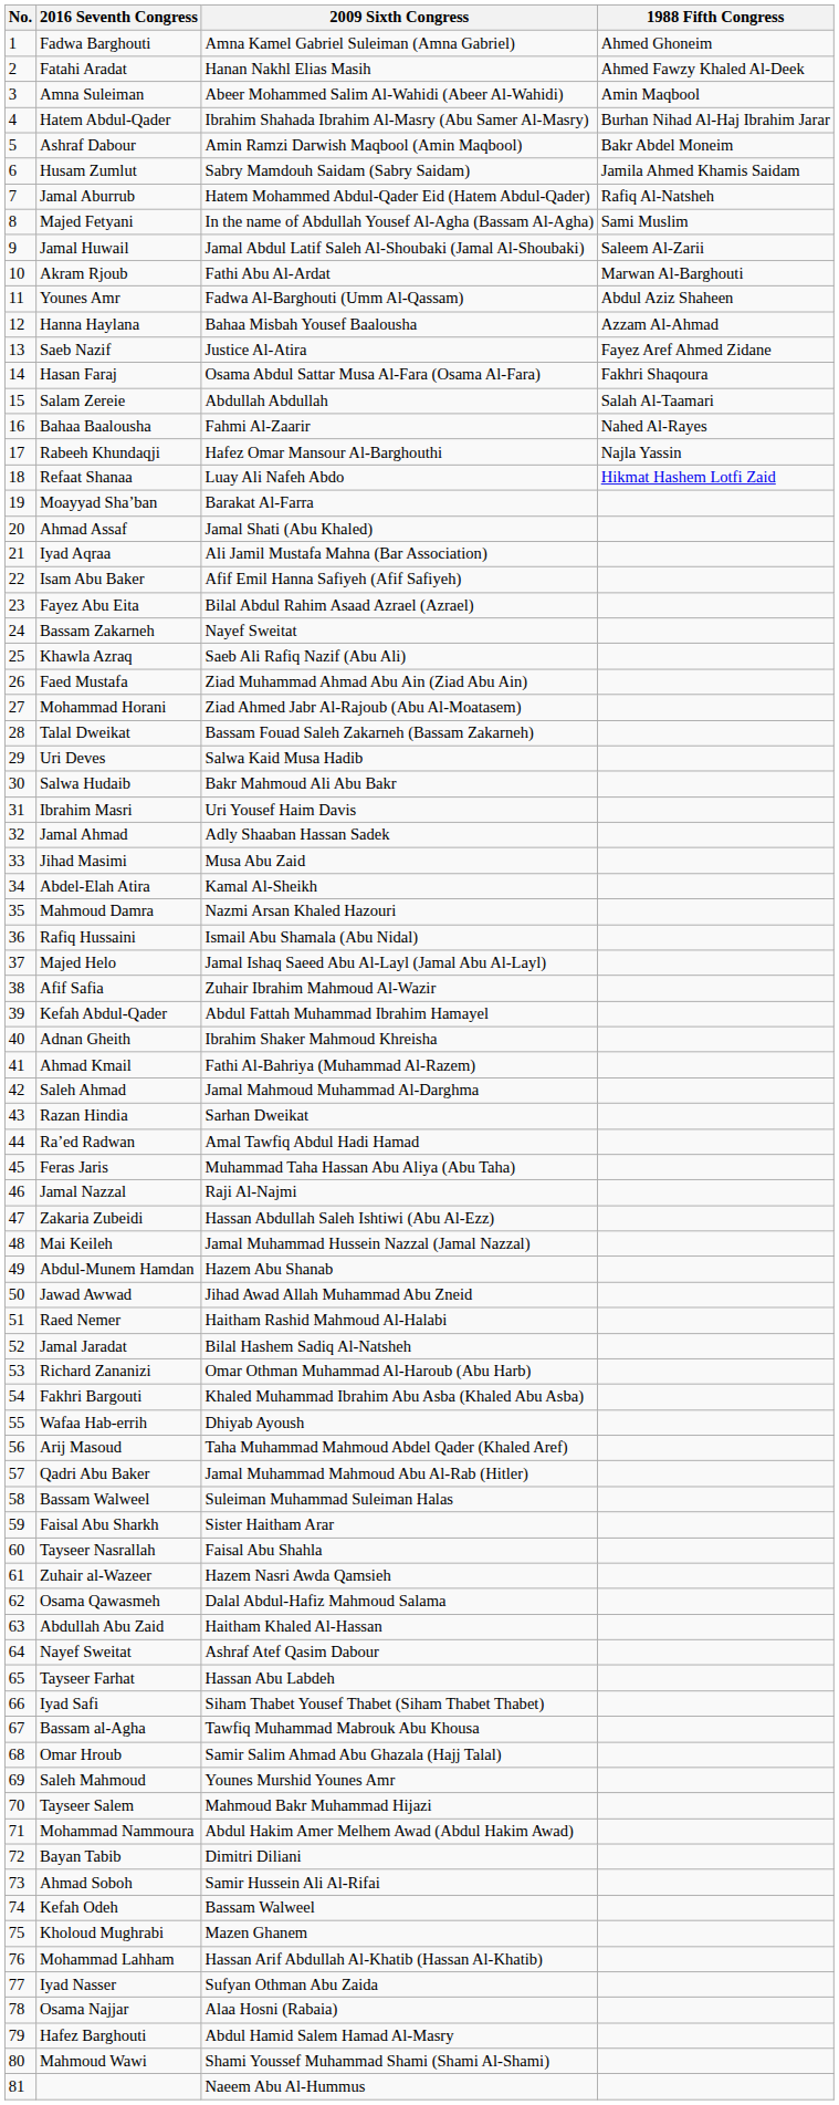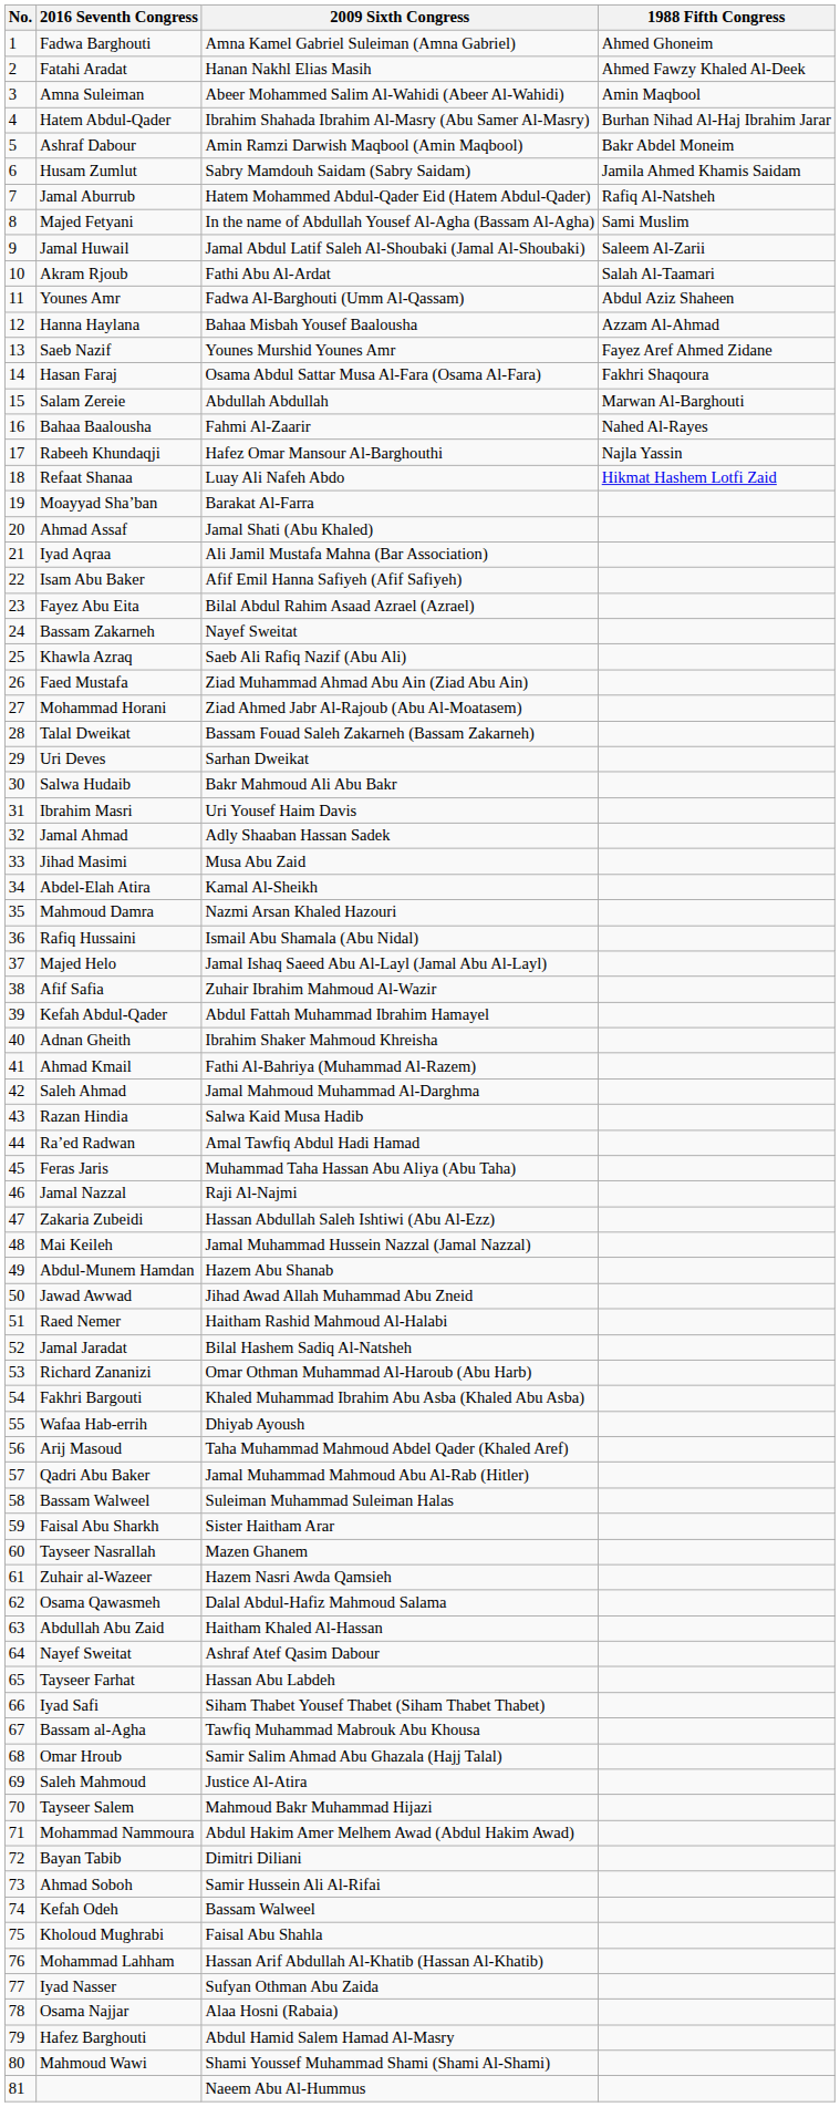 <table class="wikitable sortable">
 <tr>
 <th>No.</th>
 <th>2016 Seventh Congress</th>
 <th>2009 Sixth Congress</th>
 <th>1988 Fifth Congress</th>
 </tr>
 <tr>
 <td>1</td>
 <td>Fadwa Barghouti</td>
 <td>Amna Kamel Gabriel Suleiman (Amna Gabriel)</td>
 <td>Ahmed Ghoneim</td>
 </tr>
 <tr>
 <td>2</td>
 <td>Fatahi Aradat</td>
 <td>Hanan Nakhl Elias Masih</td>
 <td>Ahmed Fawzy Khaled Al-Deek</td>
 </tr>
 <tr>
 <td>3</td>
 <td>Amna Suleiman</td>
 <td>Abeer Mohammed Salim Al-Wahidi (Abeer Al-Wahidi)</td>
 <td>Amin Maqbool</td>
 </tr>
 <tr>
 <td>4</td>
 <td>Hatem Abdul-Qader</td>
 <td>Ibrahim Shahada Ibrahim Al-Masry (Abu Samer Al-Masry)</td>
 <td>Burhan Nihad Al-Haj Ibrahim Jarar</td>
 </tr>
 <tr>
 <td>5</td>
 <td>Ashraf Dabour</td>
 <td>Amin Ramzi Darwish Maqbool (Amin Maqbool)</td>
 <td>Bakr Abdel Moneim</td>
 </tr>
 <tr>
 <td>6</td>
 <td>Husam Zumlut</td>
 <td>Sabry Mamdouh Saidam (Sabry Saidam)</td>
 <td>Jamila Ahmed Khamis Saidam</td>
 </tr>
 <tr>
 <td>7</td>
 <td>Jamal Aburrub</td>
 <td>Hatem Mohammed Abdul-Qader Eid (Hatem Abdul-Qader)</td>
 <td>Rafiq Al-Natsheh</td>
 </tr>
 <tr>
 <td>8</td>
 <td>Majed Fetyani</td>
 <td>In the name of Abdullah Yousef Al-Agha (Bassam Al-Agha)</td>
 <td>Sami Muslim</td>
 </tr>
 <tr>
 <td>9</td>
 <td>Jamal Huwail</td>
 <td>Jamal Abdul Latif Saleh Al-Shoubaki (Jamal Al-Shoubaki)</td>
 <td>Saleem Al-Zarii</td>
 </tr>
 <tr>
 <td>10</td>
 <td>Akram Rjoub</td>
 <td>Fathi Abu Al-Ardat</td>
-<td>Marwan Al-Barghouti</td>
+<td>Salah Al-Taamari</td>
 </tr>
 <tr>
 <td>11</td>
 <td>Younes Amr</td>
 <td>Fadwa Al-Barghouti (Umm Al-Qassam)</td>
 <td>Abdul Aziz Shaheen</td>
 </tr>
 <tr>
 <td>12</td>
 <td>Hanna Haylana</td>
 <td>Bahaa Misbah Yousef Baalousha</td>
 <td>Azzam Al-Ahmad</td>
 </tr>
 <tr>
 <td>13</td>
 <td>Saeb Nazif</td>
-<td>Justice Al-Atira</td>
+<td>Younes Murshid Younes Amr</td>
 <td>Fayez Aref Ahmed Zidane</td>
 </tr>
 <tr>
 <td>14</td>
 <td>Hasan Faraj</td>
 <td>Osama Abdul Sattar Musa Al-Fara (Osama Al-Fara)</td>
 <td>Fakhri Shaqoura</td>
 </tr>
 <tr>
 <td>15</td>
 <td>Salam Zereie</td>
 <td>Abdullah Abdullah</td>
-<td>Salah Al-Taamari</td>
+<td>Marwan Al-Barghouti</td>
 </tr>
 <tr>
 <td>16</td>
 <td>Bahaa Baalousha</td>
 <td>Fahmi Al-Zaarir</td>
 <td>Nahed Al-Rayes</td>
 </tr>
 <tr>
 <td>17</td>
 <td>Rabeeh Khundaqji</td>
 <td>Hafez Omar Mansour Al-Barghouthi</td>
 <td>Najla Yassin</td>
 </tr>
 <tr>
 <td>18</td>
 <td>Refaat Shanaa</td>
 <td>Luay Ali Nafeh Abdo</td>
 <td><a href='#'>Hikmat Hashem Lotfi Zaid</a></td>
 </tr>
 <tr>
 <td>19</td>
 <td>Moayyad Sha’ban</td>
 <td>Barakat Al-Farra</td>
 <td></td>
 </tr>
 <tr>
 <td>20</td>
 <td>Ahmad Assaf</td>
 <td>Jamal Shati (Abu Khaled)</td>
 <td></td>
 </tr>
 <tr>
 <td>21</td>
 <td>Iyad Aqraa</td>
 <td>Ali Jamil Mustafa Mahna (Bar Association)</td>
 <td></td>
 </tr>
 <tr>
 <td>22</td>
 <td>Isam Abu Baker</td>
 <td>Afif Emil Hanna Safiyeh (Afif Safiyeh)</td>
 <td></td>
 </tr>
 <tr>
 <td>23</td>
 <td>Fayez Abu Eita</td>
 <td>Bilal Abdul Rahim Asaad Azrael (Azrael)</td>
 <td></td>
 </tr>
 <tr>
 <td>24</td>
 <td>Bassam Zakarneh</td>
 <td>Nayef Sweitat</td>
 <td></td>
 </tr>
 <tr>
 <td>25</td>
 <td>Khawla Azraq</td>
 <td>Saeb Ali Rafiq Nazif (Abu Ali)</td>
 <td></td>
 </tr>
 <tr>
 <td>26</td>
 <td>Faed Mustafa</td>
 <td>Ziad Muhammad Ahmad Abu Ain (Ziad Abu Ain)</td>
 <td></td>
 </tr>
 <tr>
 <td>27</td>
 <td>Mohammad Horani</td>
 <td>Ziad Ahmed Jabr Al-Rajoub (Abu Al-Moatasem)</td>
 <td></td>
 </tr>
 <tr>
 <td>28</td>
 <td>Talal Dweikat</td>
 <td>Bassam Fouad Saleh Zakarneh (Bassam Zakarneh)</td>
 <td></td>
 </tr>
 <tr>
 <td>29</td>
 <td>Uri Deves</td>
-<td>Salwa Kaid Musa Hadib</td>
+<td>Sarhan Dweikat</td>
 <td></td>
 </tr>
 <tr>
 <td>30</td>
 <td>Salwa Hudaib</td>
 <td>Bakr Mahmoud Ali Abu Bakr</td>
 <td></td>
 </tr>
 <tr>
 <td>31</td>
 <td>Ibrahim Masri</td>
 <td>Uri Yousef Haim Davis</td>
 <td></td>
 </tr>
 <tr>
 <td>32</td>
 <td>Jamal Ahmad</td>
 <td>Adly Shaaban Hassan Sadek</td>
 <td></td>
 </tr>
 <tr>
 <td>33</td>
 <td>Jihad Masimi</td>
 <td>Musa Abu Zaid</td>
 <td></td>
 </tr>
 <tr>
 <td>34</td>
 <td>Abdel-Elah Atira</td>
 <td>Kamal Al-Sheikh</td>
 <td></td>
 </tr>
 <tr>
 <td>35</td>
 <td>Mahmoud Damra</td>
 <td>Nazmi Arsan Khaled Hazouri</td>
 <td></td>
 </tr>
 <tr>
 <td>36</td>
 <td>Rafiq Hussaini</td>
 <td>Ismail Abu Shamala (Abu Nidal)</td>
 <td></td>
 </tr>
 <tr>
 <td>37</td>
 <td>Majed Helo</td>
 <td>Jamal Ishaq Saeed Abu Al-Layl (Jamal Abu Al-Layl)</td>
 <td></td>
 </tr>
 <tr>
 <td>38</td>
 <td>Afif Safia</td>
 <td>Zuhair Ibrahim Mahmoud Al-Wazir</td>
 <td></td>
 </tr>
 <tr>
 <td>39</td>
 <td>Kefah Abdul-Qader</td>
 <td>Abdul Fattah Muhammad Ibrahim Hamayel</td>
 <td></td>
 </tr>
 <tr>
 <td>40</td>
 <td>Adnan Gheith</td>
 <td>Ibrahim Shaker Mahmoud Khreisha</td>
 <td></td>
 </tr>
 <tr>
 <td>41</td>
 <td>Ahmad Kmail</td>
 <td>Fathi Al-Bahriya (Muhammad Al-Razem)</td>
 <td></td>
 </tr>
 <tr>
 <td>42</td>
 <td>Saleh Ahmad</td>
 <td>Jamal Mahmoud Muhammad Al-Darghma</td>
 <td></td>
 </tr>
 <tr>
 <td>43</td>
 <td>Razan Hindia</td>
-<td>Sarhan Dweikat</td>
+<td>Salwa Kaid Musa Hadib</td>
 <td></td>
 </tr>
 <tr>
 <td>44</td>
 <td>Ra’ed Radwan</td>
 <td>Amal Tawfiq Abdul Hadi Hamad</td>
 <td></td>
 </tr>
 <tr>
 <td>45</td>
 <td>Feras Jaris</td>
 <td>Muhammad Taha Hassan Abu Aliya (Abu Taha)</td>
 <td></td>
 </tr>
 <tr>
 <td>46</td>
 <td>Jamal Nazzal</td>
 <td>Raji Al-Najmi</td>
 <td></td>
 </tr>
 <tr>
 <td>47</td>
 <td>Zakaria Zubeidi</td>
 <td>Hassan Abdullah Saleh Ishtiwi (Abu Al-Ezz)</td>
 <td></td>
 </tr>
 <tr>
 <td>48</td>
 <td>Mai Keileh</td>
 <td>Jamal Muhammad Hussein Nazzal (Jamal Nazzal)</td>
 <td></td>
 </tr>
 <tr>
 <td>49</td>
 <td>Abdul-Munem Hamdan</td>
 <td>Hazem Abu Shanab</td>
 <td></td>
 </tr>
 <tr>
 <td>50</td>
 <td>Jawad Awwad</td>
 <td>Jihad Awad Allah Muhammad Abu Zneid</td>
 <td></td>
 </tr>
 <tr>
 <td>51</td>
 <td>Raed Nemer</td>
 <td>Haitham Rashid Mahmoud Al-Halabi</td>
 <td></td>
 </tr>
 <tr>
 <td>52</td>
 <td>Jamal Jaradat</td>
 <td>Bilal Hashem Sadiq Al-Natsheh</td>
 <td></td>
 </tr>
 <tr>
 <td>53</td>
 <td>Richard Zananizi</td>
 <td>Omar Othman Muhammad Al-Haroub (Abu Harb)</td>
 <td></td>
 </tr>
 <tr>
 <td>54</td>
 <td>Fakhri Bargouti</td>
 <td>Khaled Muhammad Ibrahim Abu Asba (Khaled Abu Asba)</td>
 <td></td>
 </tr>
 <tr>
 <td>55</td>
 <td>Wafaa Hab-errih</td>
 <td>Dhiyab Ayoush</td>
 <td></td>
 </tr>
 <tr>
 <td>56</td>
 <td>Arij Masoud</td>
 <td>Taha Muhammad Mahmoud Abdel Qader (Khaled Aref)</td>
 <td></td>
 </tr>
 <tr>
 <td>57</td>
 <td>Qadri Abu Baker</td>
 <td>Jamal Muhammad Mahmoud Abu Al-Rab (Hitler)</td>
 <td></td>
 </tr>
 <tr>
 <td>58</td>
 <td>Bassam Walweel</td>
 <td>Suleiman Muhammad Suleiman Halas</td>
 <td></td>
 </tr>
 <tr>
 <td>59</td>
 <td>Faisal Abu Sharkh</td>
 <td>Sister Haitham Arar</td>
 <td></td>
 </tr>
 <tr>
 <td>60</td>
 <td>Tayseer Nasrallah</td>
-<td>Faisal Abu Shahla</td>
+<td>Mazen Ghanem</td>
 <td></td>
 </tr>
 <tr>
 <td>61</td>
 <td>Zuhair al-Wazeer</td>
 <td>Hazem Nasri Awda Qamsieh</td>
 <td></td>
 </tr>
 <tr>
 <td>62</td>
 <td>Osama Qawasmeh</td>
 <td>Dalal Abdul-Hafiz Mahmoud Salama</td>
 <td></td>
 </tr>
 <tr>
 <td>63</td>
 <td>Abdullah Abu Zaid</td>
 <td>Haitham Khaled Al-Hassan</td>
 <td></td>
 </tr>
 <tr>
 <td>64</td>
 <td>Nayef Sweitat</td>
 <td>Ashraf Atef Qasim Dabour</td>
 <td></td>
 </tr>
 <tr>
 <td>65</td>
 <td>Tayseer Farhat</td>
 <td>Hassan Abu Labdeh</td>
 <td></td>
 </tr>
 <tr>
 <td>66</td>
 <td>Iyad Safi</td>
 <td>Siham Thabet Yousef Thabet (Siham Thabet Thabet)</td>
 <td></td>
 </tr>
 <tr>
 <td>67</td>
 <td>Bassam al-Agha</td>
 <td>Tawfiq Muhammad Mabrouk Abu Khousa</td>
 <td></td>
 </tr>
 <tr>
 <td>68</td>
 <td>Omar Hroub</td>
 <td>Samir Salim Ahmad Abu Ghazala (Hajj Talal)</td>
 <td></td>
 </tr>
 <tr>
 <td>69</td>
 <td>Saleh Mahmoud</td>
-<td>Younes Murshid Younes Amr</td>
+<td>Justice Al-Atira</td>
 <td></td>
 </tr>
 <tr>
 <td>70</td>
 <td>Tayseer Salem</td>
 <td>Mahmoud Bakr Muhammad Hijazi</td>
 <td></td>
 </tr>
 <tr>
 <td>71</td>
 <td>Mohammad Nammoura</td>
 <td>Abdul Hakim Amer Melhem Awad (Abdul Hakim Awad)</td>
 <td></td>
 </tr>
 <tr>
 <td>72</td>
 <td>Bayan Tabib</td>
 <td>Dimitri Diliani</td>
 <td></td>
 </tr>
 <tr>
 <td>73</td>
 <td>Ahmad Soboh</td>
 <td>Samir Hussein Ali Al-Rifai</td>
 <td></td>
 </tr>
 <tr>
 <td>74</td>
 <td>Kefah Odeh</td>
 <td>Bassam Walweel</td>
 <td></td>
 </tr>
 <tr>
 <td>75</td>
 <td>Kholoud Mughrabi</td>
-<td>Mazen Ghanem</td>
+<td>Faisal Abu Shahla</td>
 <td></td>
 </tr>
 <tr>
 <td>76</td>
 <td>Mohammad Lahham</td>
 <td>Hassan Arif Abdullah Al-Khatib (Hassan Al-Khatib)</td>
 <td></td>
 </tr>
 <tr>
 <td>77</td>
 <td>Iyad Nasser</td>
 <td>Sufyan Othman Abu Zaida</td>
 <td></td>
 </tr>
 <tr>
 <td>78</td>
 <td>Osama Najjar</td>
 <td>Alaa Hosni (Rabaia)</td>
 <td></td>
 </tr>
 <tr>
 <td>79</td>
 <td>Hafez Barghouti</td>
 <td>Abdul Hamid Salem Hamad Al-Masry</td>
 <td></td>
 </tr>
 <tr>
 <td>80</td>
 <td>Mahmoud Wawi</td>
 <td>Shami Youssef Muhammad Shami (Shami Al-Shami)</td>
 <td></td>
 </tr>
 <tr>
 <td>81</td>
 <td></td>
 <td>Naeem Abu Al-Hummus</td>
 <td></td>
 </tr>
 </table>
